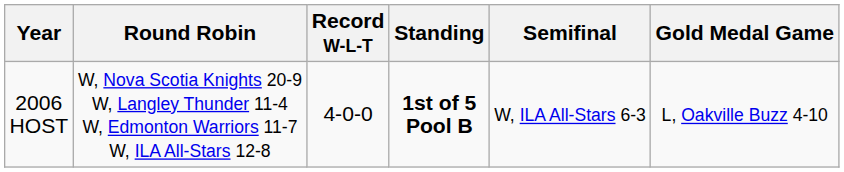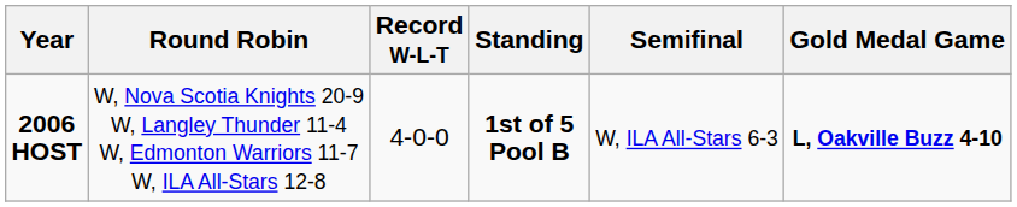 <table class="wikitable" style="text-align:center;">
 <tr>
 <th>Year</th>
 <th>Round Robin</th>
 <th>Record<br><small>W-L-T</small></th>
 <th>Standing</th>
 <th>Semifinal</th>
 <th>Gold Medal Game</th>
 </tr>
 <tr>
-<td>2006<br>HOST</td>
+<td><strong>2006<br>HOST</strong></td>
 <td><small>W, <a href='#'>Nova Scotia Knights</a> 20-9<br>W, <a href='#'>Langley Thunder</a> 11-4<br>W, <a href='#'>Edmonton Warriors</a> 11-7<br>W, <a href='#'>ILA All-Stars</a> 12-8</small></td>
 <td>4-0-0</td>
 <td><strong>1st of 5<br>Pool B</strong></td>
 <td><small>W, <a href='#'>ILA All-Stars</a> 6-3</small></td>
-<td><small> L, <a href='#'>Oakville Buzz</a> 4-10</small></td>
+<td><strong><small> L, <a href='#'>Oakville Buzz</a> 4-10</small></strong></td>
 </tr>
 </table>
